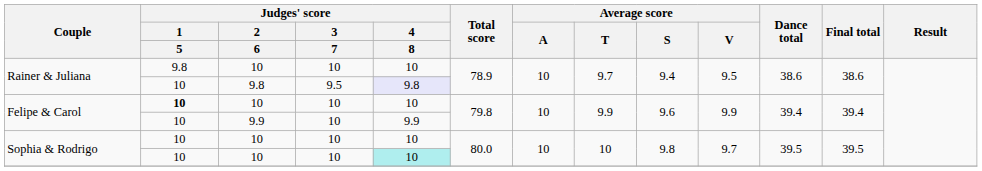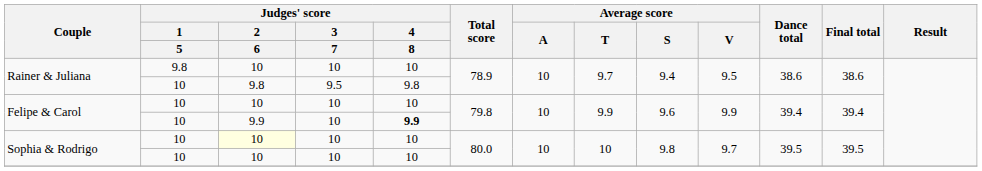 <table class="wikitable" style="font-size:100%; line-height:16px; text-align:center" width="100%">
 <tr>
 <th rowspan=3 style="width:11.0%;">Couple</th>
 <th colspan=4 style="width:25.0%;">Judges' score</th>
 <th rowspan=3 style="width:05.0%;">Total score</th>
 <th colspan=4 style="width:20.0%;">Average score</th>
 <th rowspan=3 style="width:05.0%;">Dance total</th>
 <th rowspan=3 style="width:05.0%;">Final total</th>
 <th rowspan=3 style="width:07.5%;">Result</th>
 </tr>
 <tr>
 <th>1</th>
 <th>2</th>
 <th>3</th>
 <th>4</th>
 <th rowspan=2 style="width:05.0%;">A</th>
 <th rowspan=2 style="width:05.0%;">T</th>
 <th rowspan=2 style="width:05.0%;">S</th>
 <th rowspan=2 style="width:05.0%;">V</th>
 </tr>
 <tr>
 <th>5</th>
 <th>6</th>
 <th>7</th>
 <th>8</th>
 </tr>
 <tr>
 <td align="left" rowspan=2>Rainer & Juliana</td>
 <td>9.8</td>
 <td>10</td>
 <td>10</td>
 <td>10</td>
 <td rowspan=2>78.9</td>
 <td rowspan=2>10</td>
 <td rowspan=2>9.7</td>
 <td rowspan=2>9.4</td>
 <td rowspan=2>9.5</td>
 <td rowspan=2>38.6</td>
 <td rowspan=2>38.6</td>
 <td rowspan=6></td>
 </tr>
 <tr>
 <td>10</td>
 <td>9.8</td>
 <td>9.5</td>
-<td style="background: lavender;">9.8</td>
+<td>9.8</td>
 </tr>
 <tr>
 <td align="left" rowspan=2>Felipe & Carol</td>
-<td><strong>10</strong></td>
+<td>10</td>
 <td>10</td>
 <td>10</td>
 <td>10</td>
 <td rowspan=2>79.8</td>
 <td rowspan=2>10</td>
 <td rowspan=2>9.9</td>
 <td rowspan=2>9.6</td>
 <td rowspan=2>9.9</td>
 <td rowspan=2>39.4</td>
 <td rowspan=2>39.4</td>
 </tr>
 <tr>
 <td>10</td>
 <td>9.9</td>
 <td>10</td>
-<td>9.9</td>
+<td><strong>9.9</strong></td>
 </tr>
 <tr>
 <td align="left" rowspan=2>Sophia & Rodrigo</td>
 <td>10</td>
-<td>10</td>
+<td style="background: lightyellow;">10</td>
 <td>10</td>
 <td>10</td>
 <td rowspan=2>80.0</td>
 <td rowspan=2>10</td>
 <td rowspan=2>10</td>
 <td rowspan=2>9.8</td>
 <td rowspan=2>9.7</td>
 <td rowspan=2>39.5</td>
 <td rowspan=2>39.5</td>
 </tr>
 <tr>
 <td>10</td>
 <td>10</td>
 <td>10</td>
-<td style="background: paleturquoise;">10</td>
+<td>10</td>
 </tr>
 <tr>
 </tr>
 </table>
